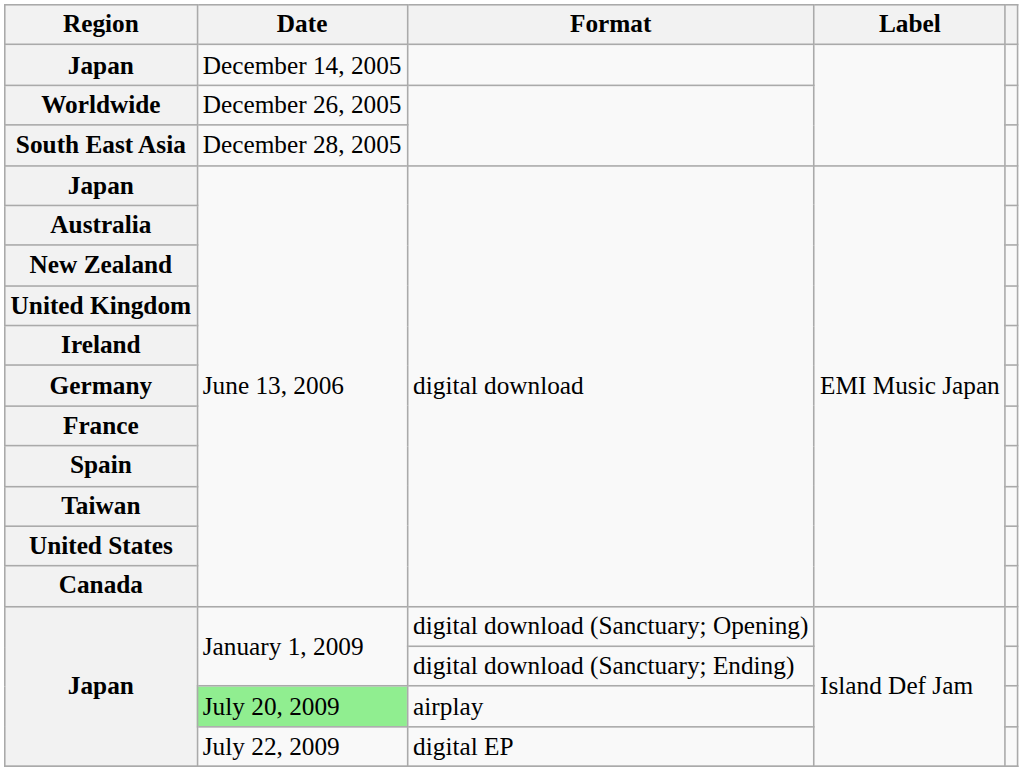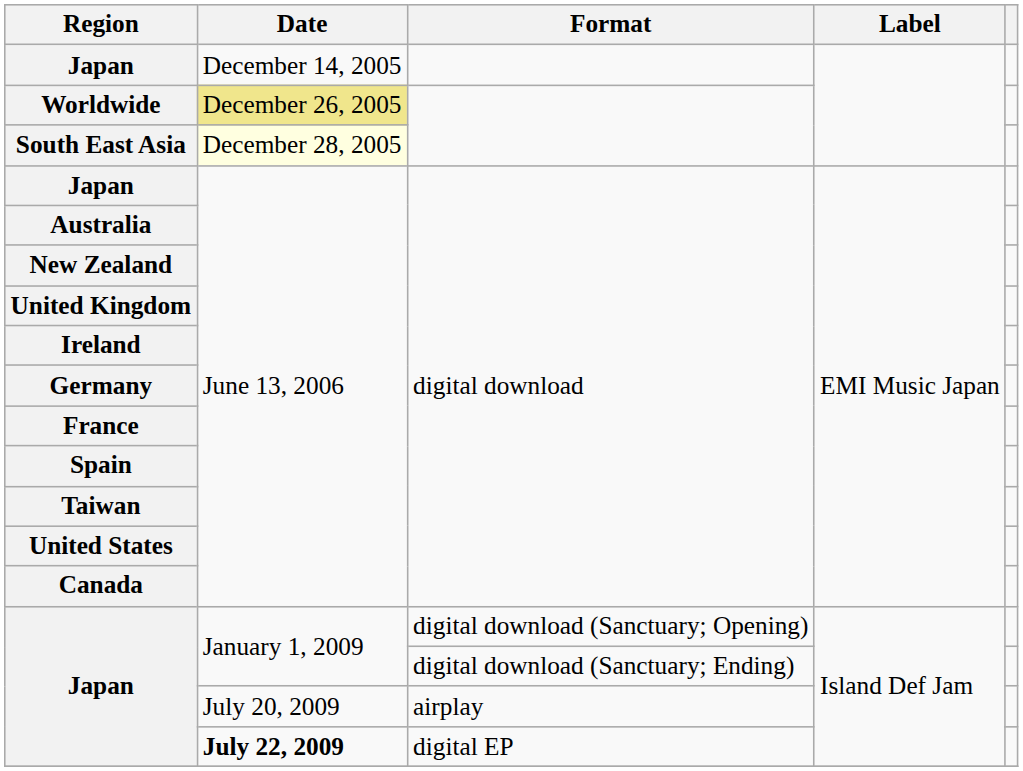 <table class="wikitable plainrowheaders">
 <tr>
 <th scope="col">Region</th>
 <th scope="col">Date</th>
 <th scope="col">Format</th>
 <th scope="col">Label</th>
 <th scope="col"></th>
 </tr>
 <tr>
 <th scope="row">Japan</th>
 <td>December 14, 2005</td>
 <td></td>
 <td rowspan="3"></td>
 <td></td>
 </tr>
 <tr>
 <th scope="row">Worldwide</th>
-<td>December 26, 2005</td>
+<td style="background: khaki;">December 26, 2005</td>
 <td rowspan="2"></td>
 <td></td>
 </tr>
 <tr>
 <th scope="row">South East Asia</th>
-<td>December 28, 2005</td>
+<td style="background: lightyellow;">December 28, 2005</td>
 <td></td>
 </tr>
 <tr>
 <th scope="row">Japan</th>
 <td rowspan="11">June 13, 2006</td>
 <td rowspan="11">digital download</td>
 <td rowspan="11">EMI Music Japan</td>
 <td></td>
 </tr>
 <tr>
 <th scope="row">Australia</th>
 <td></td>
 </tr>
 <tr>
 <th scope="row">New Zealand</th>
 <td></td>
 </tr>
 <tr>
 <th scope="row">United Kingdom</th>
 <td></td>
 </tr>
 <tr>
 <th scope="row">Ireland</th>
 <td></td>
 </tr>
 <tr>
 <th scope="row">Germany</th>
 <td></td>
 </tr>
 <tr>
 <th scope="row">France</th>
 <td></td>
 </tr>
 <tr>
 <th scope="row">Spain</th>
 <td></td>
 </tr>
 <tr>
 <th scope="row">Taiwan</th>
 <td></td>
 </tr>
 <tr>
 <th scope="row">United States</th>
 <td></td>
 </tr>
 <tr>
 <th scope="row">Canada</th>
 <td></td>
 </tr>
 <tr>
 <th scope="row" rowspan="4">Japan</th>
 <td rowspan="2">January 1, 2009</td>
 <td>digital download (Sanctuary; Opening)</td>
 <td rowspan="4">Island Def Jam</td>
 <td></td>
 </tr>
 <tr>
 <td>digital download (Sanctuary; Ending)</td>
 <td></td>
 </tr>
 <tr>
-<td style="background: lightgreen;">July 20, 2009</td>
+<td>July 20, 2009</td>
 <td>airplay</td>
 <td></td>
 </tr>
 <tr>
-<td>July 22, 2009</td>
+<td><strong>July 22, 2009</strong></td>
 <td>digital EP</td>
 <td></td>
 </tr>
 <tr>
 </tr>
 </table>
